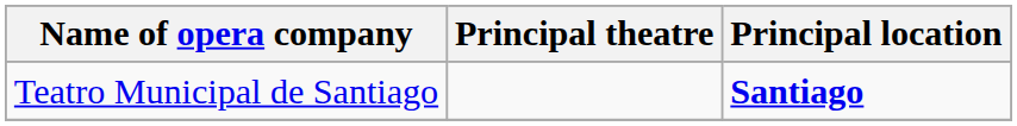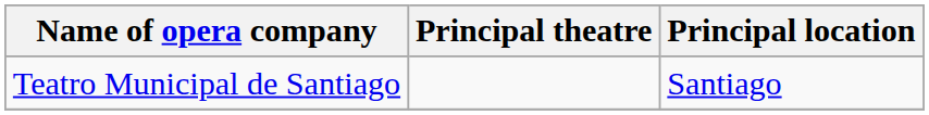 <table class="wikitable">
 <tr>
 <th>Name of <a href='#'>opera</a> company</th>
 <th>Principal theatre</th>
 <th>Principal location</th>
 </tr>
 <tr>
 <td><a href='#'>Teatro Municipal de Santiago</a></td>
 <td></td>
-<td><strong><a href='#'>Santiago</a></strong></td>
+<td><a href='#'>Santiago</a></td>
 </tr>
 <tr>
 </tr>
 </table>
